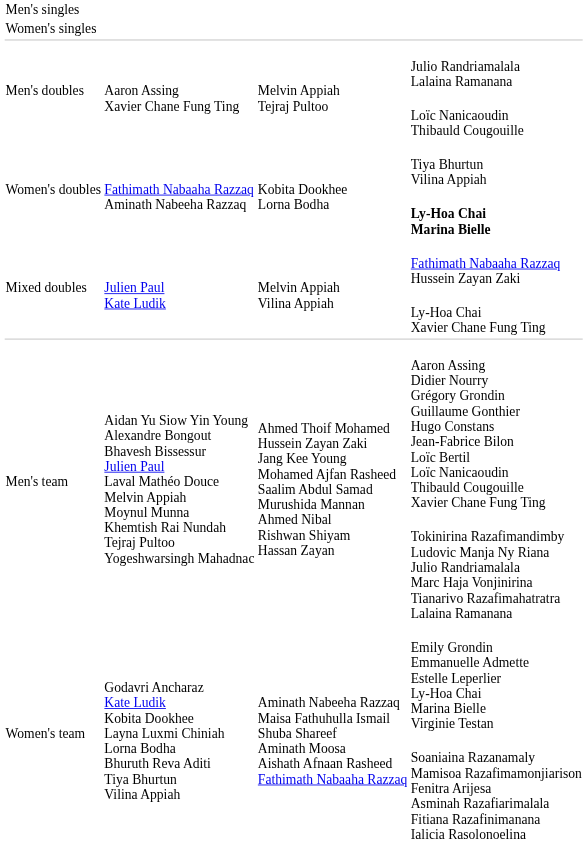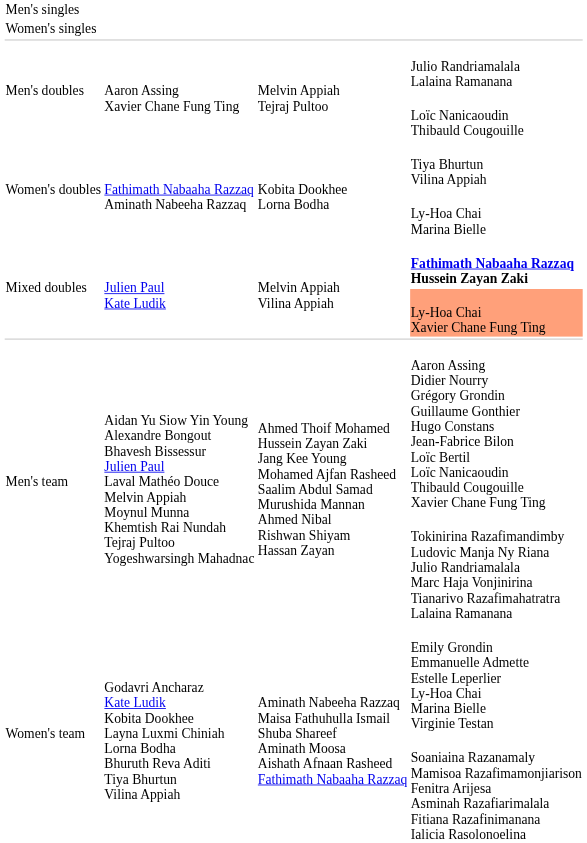 <table>
 <tr>
 <td rowspan=2>Men's singles</td>
 <td rowspan=2></td>
 <td rowspan=2></td>
 <td></td>
 </tr>
 <tr>
 <td></td>
 </tr>
 <tr>
 <td rowspan=2>Women's singles</td>
 <td rowspan=2></td>
 <td rowspan=2></td>
 <td></td>
 </tr>
 <tr>
 <td></td>
 </tr>
 <tr bgcolor=#dddddd>
 <td colspan=4></td>
 </tr>
 <tr>
 <td rowspan=2>Men's doubles</td>
 <td rowspan=2><br>Aaron Assing<br>Xavier Chane Fung Ting</td>
 <td rowspan=2><br>Melvin Appiah<br>Tejraj Pultoo</td>
 <td><br>Julio Randriamalala<br>Lalaina Ramanana</td>
 </tr>
 <tr>
 <td><br>Loïc Nanicaoudin<br>Thibauld Cougouille</td>
 </tr>
 <tr>
 <td rowspan=2>Women's doubles</td>
 <td rowspan=2 nowrap><br><a href='#'>Fathimath Nabaaha Razzaq</a><br>Aminath Nabeeha Razzaq</td>
 <td rowspan=2><br>Kobita Dookhee<br>Lorna Bodha</td>
 <td><br>Tiya Bhurtun<br>Vilina Appiah</td>
 </tr>
 <tr>
-<td><strong><br>Ly-Hoa Chai<br>Marina Bielle</strong></td>
+<td><br>Ly-Hoa Chai<br>Marina Bielle</td>
 </tr>
 <tr>
 <td rowspan=2>Mixed doubles</td>
 <td rowspan=2><br><a href='#'>Julien Paul</a><br><a href='#'>Kate Ludik</a></td>
 <td rowspan=2><br>Melvin Appiah<br>Vilina Appiah</td>
-<td><br><a href='#'>Fathimath Nabaaha Razzaq</a><br>Hussein Zayan Zaki</td>
+<td><strong><br><a href='#'>Fathimath Nabaaha Razzaq</a><br>Hussein Zayan Zaki</strong></td>
 </tr>
 <tr>
-<td><br>Ly-Hoa Chai<br>Xavier Chane Fung Ting</td>
+<td style="background: lightsalmon;"><br>Ly-Hoa Chai<br>Xavier Chane Fung Ting</td>
 </tr>
 <tr bgcolor=#dddddd>
 <td colspan=4></td>
 </tr>
 <tr>
 <td rowspan=2>Men's team</td>
 <td rowspan=2 nowrap><br>Aidan Yu Siow Yin Young<br>Alexandre Bongout<br>Bhavesh Bissessur<br><a href='#'>Julien Paul</a><br>Laval Mathéo Douce<br>Melvin Appiah<br>Moynul Munna<br>Khemtish Rai Nundah<br>Tejraj Pultoo<br>Yogeshwarsingh Mahadnac</td>
 <td rowspan=2><br>Ahmed Thoif Mohamed<br>Hussein Zayan Zaki<br>Jang Kee Young<br>Mohamed Ajfan Rasheed<br>Saalim Abdul Samad<br>Murushida Mannan<br>Ahmed Nibal<br>Rishwan Shiyam<br>Hassan Zayan</td>
 <td><br>Aaron Assing<br>Didier Nourry<br>Grégory Grondin<br>Guillaume Gonthier<br>Hugo Constans<br>Jean-Fabrice Bilon<br>Loïc Bertil<br>Loïc Nanicaoudin<br>Thibauld Cougouille<br>Xavier Chane Fung Ting</td>
 </tr>
 <tr>
 <td><br>Tokinirina Razafimandimby<br>Ludovic Manja Ny Riana<br>Julio Randriamalala<br>Marc Haja Vonjinirina<br>Tianarivo Razafimahatratra<br>Lalaina Ramanana</td>
 </tr>
 <tr>
 <td rowspan=2>Women's team</td>
 <td rowspan=2><br>Godavri Ancharaz<br><a href='#'>Kate Ludik</a><br>Kobita Dookhee<br>Layna Luxmi Chiniah<br>Lorna Bodha<br>Bhuruth Reva Aditi<br>Tiya Bhurtun<br>Vilina Appiah</td>
 <td rowspan=2 nowrap><br>Aminath Nabeeha Razzaq<br>Maisa Fathuhulla Ismail<br>Shuba Shareef<br>Aminath Moosa<br>Aishath Afnaan Rasheed<br><a href='#'>Fathimath Nabaaha Razzaq</a></td>
 <td><br>Emily Grondin<br>Emmanuelle Admette<br>Estelle Leperlier<br>Ly-Hoa Chai<br>Marina Bielle<br>Virginie Testan</td>
 </tr>
 <tr>
 <td nowrap><br>Soaniaina Razanamaly<br>Mamisoa Razafimamonjiarison<br>Fenitra Arijesa<br>Asminah Razafiarimalala<br>Fitiana Razafinimanana<br>Ialicia Rasolonoelina</td>
 </tr>
 </table>
